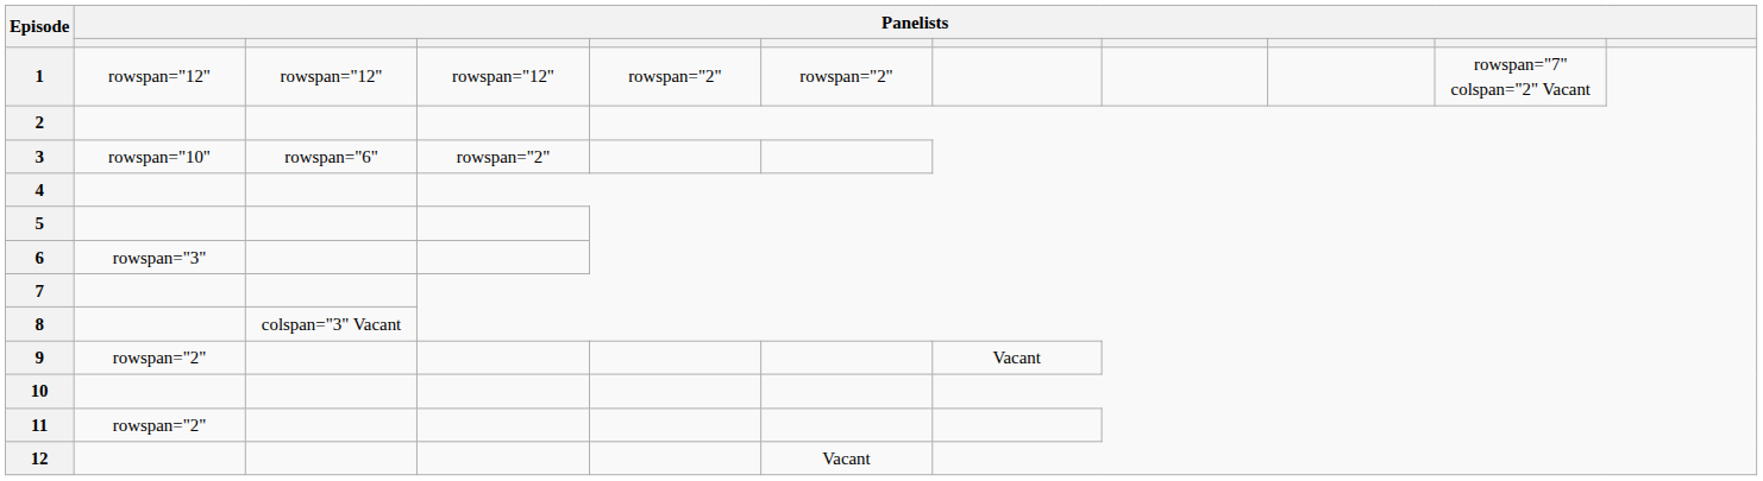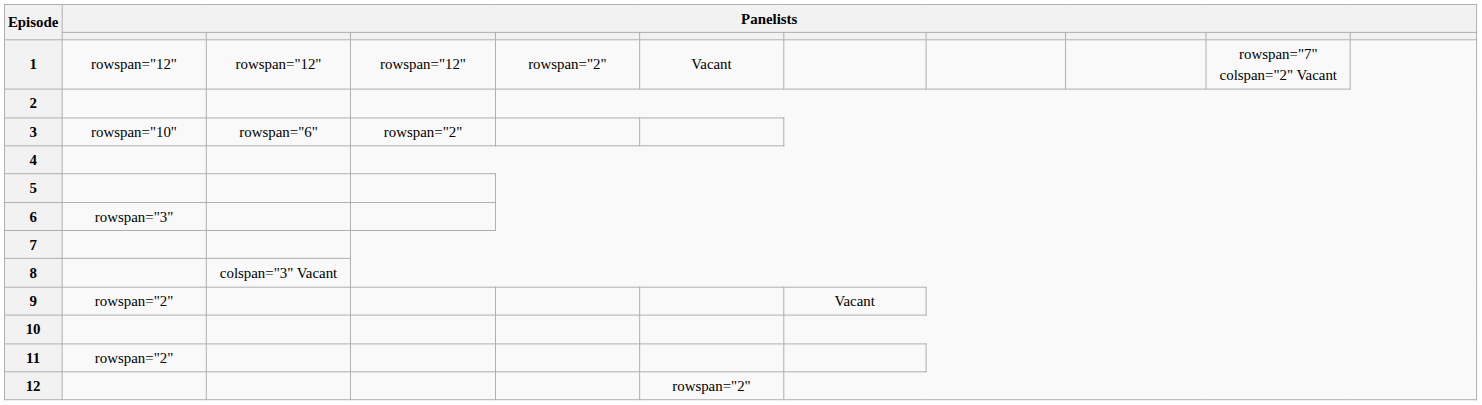 <table class="wikitable plainrowheaders mw-collapsible" style="text-align:center; line-height:23px; width:100%;">
 <tr>
 <th rowspan="2" width="1%">Episode</th>
 <th colspan="10">Panelists</th>
 </tr>
 <tr>
 <th width="10%"></th>
 <th width="10%"></th>
 <th width="10%"></th>
 <th width="10%"></th>
 <th width="10%"></th>
 <th width="10%"></th>
 <th width="10%"></th>
 <th width="10%"></th>
 <th width="10%"></th>
 <th width="10%"></th>
 </tr>
 <tr>
 <th>1</th>
 <td>rowspan="12"</td>
 <td>rowspan="12"</td>
 <td>rowspan="12"</td>
 <td>rowspan="2"</td>
-<td>rowspan="2"</td>
+<td> Vacant</td>
 <td></td>
 <td></td>
 <td></td>
 <td>rowspan="7" colspan="2" Vacant</td>
 </tr>
 <tr>
 <th>2</th>
 <td></td>
 <td></td>
 <td></td>
 </tr>
 <tr>
 <th>3</th>
 <td>rowspan="10" </td>
 <td>rowspan="6" </td>
 <td>rowspan="2" </td>
 <td></td>
 <td></td>
 </tr>
 <tr>
 <th>4</th>
 <td></td>
 <td></td>
 </tr>
 <tr>
 <th>5</th>
 <td></td>
 <td></td>
 <td></td>
 </tr>
 <tr>
 <th>6</th>
 <td>rowspan="3" </td>
 <td></td>
 <td></td>
 </tr>
 <tr>
 <th>7</th>
 <td></td>
 <td></td>
 </tr>
 <tr>
 <th>8</th>
 <td></td>
 <td>colspan="3"  Vacant</td>
 </tr>
 <tr>
 <th>9</th>
 <td>rowspan="2"</td>
 <td></td>
 <td></td>
 <td></td>
 <td></td>
 <td> Vacant</td>
 </tr>
 <tr>
 <th>10</th>
 <td></td>
 <td></td>
 <td></td>
 <td></td>
 <td></td>
 </tr>
 <tr>
 <th>11</th>
 <td>rowspan="2"</td>
 <td></td>
 <td></td>
 <td></td>
 <td></td>
 <td></td>
 </tr>
 <tr>
 <th>12</th>
 <td></td>
 <td></td>
 <td></td>
 <td></td>
-<td> Vacant</td>
+<td>rowspan="2"</td>
 </tr>
 </table>
